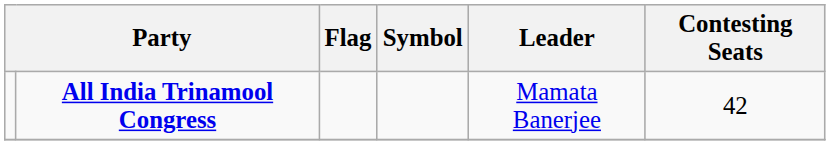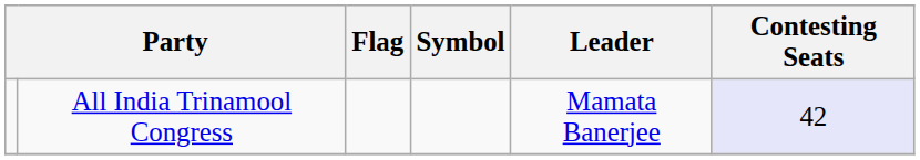 <table class="wikitable" width="60%" style="text-align:center">
 <tr>
 <th colspan="2">Party</th>
 <th>Flag</th>
 <th>Symbol</th>
 <th>Leader</th>
 <th>Contesting Seats</th>
 </tr>
 <tr>
 <td></td>
-<td><strong><a href='#'>All India Trinamool Congress</a></strong></td>
+<td><a href='#'>All India Trinamool Congress</a></td>
 <td></td>
 <td></td>
 <td><a href='#'>Mamata Banerjee</a></td>
-<td>42</td>
+<td style="background: lavender;">42</td>
 </tr>
 <tr>
 </tr>
 </table>
